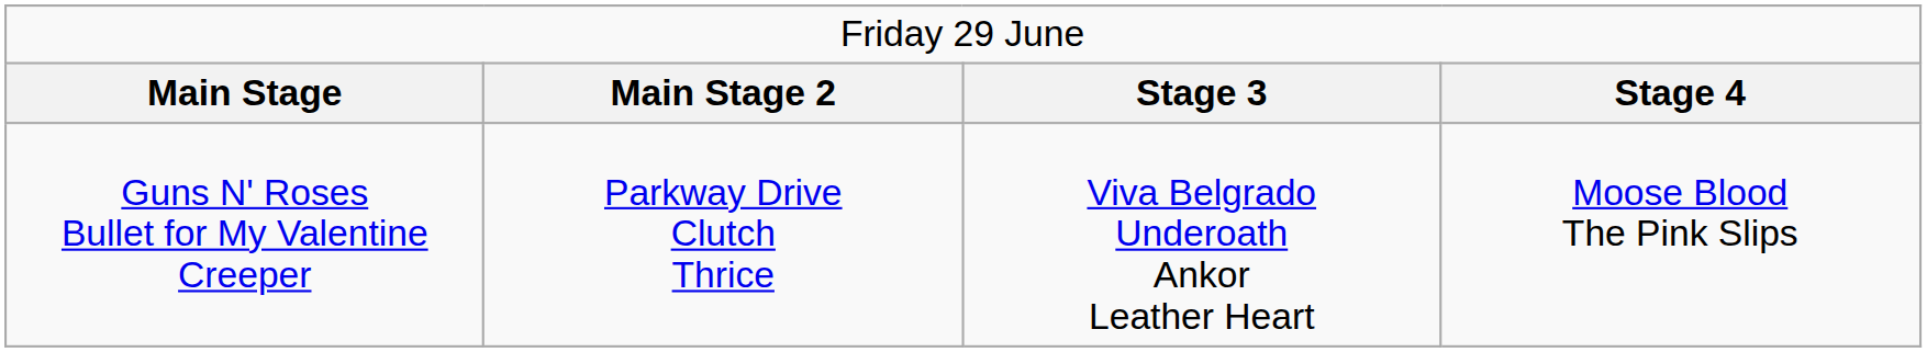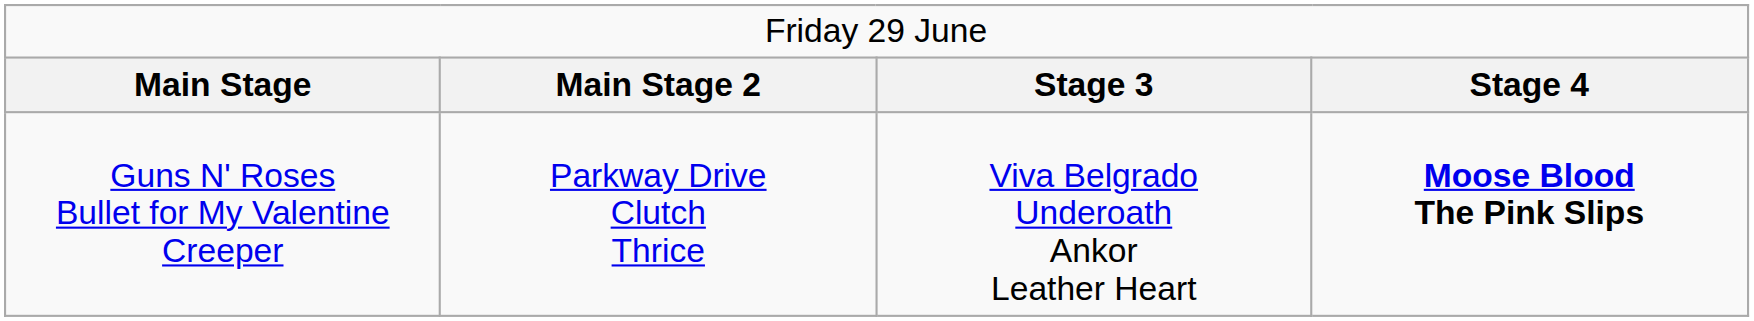 <table class="wikitable">
 <tr>
 <td colspan="4" style="text-align:center;">Friday 29 June</td>
 </tr>
 <tr>
 <th>Main Stage</th>
 <th>Main Stage 2</th>
 <th>Stage 3</th>
 <th>Stage 4</th>
 </tr>
 <tr>
 <td style="text-align:center; vertical-align:top; width:200px;"><br><a href='#'>Guns N' Roses</a> <br> <a href='#'>Bullet for My Valentine</a> <br> <a href='#'>Creeper</a> <br></td>
 <td style="text-align:center; vertical-align:top; width:200px;"><br><a href='#'>Parkway Drive</a><br> <a href='#'>Clutch</a> <br> <a href='#'>Thrice</a> <br></td>
 <td style="text-align:center; vertical-align:top; width:200px;"><br><a href='#'>Viva Belgrado</a><br> <a href='#'>Underoath</a> <br> Ankor <br> Leather Heart <br></td>
-<td style="text-align:center; vertical-align:top; width:200px;"><br><a href='#'>Moose Blood</a>  <br> The Pink Slips</td>
+<td style="text-align:center; vertical-align:top; width:200px;"><strong><br><a href='#'>Moose Blood</a>  <br> The Pink Slips</strong></td>
 </tr>
 </table>
